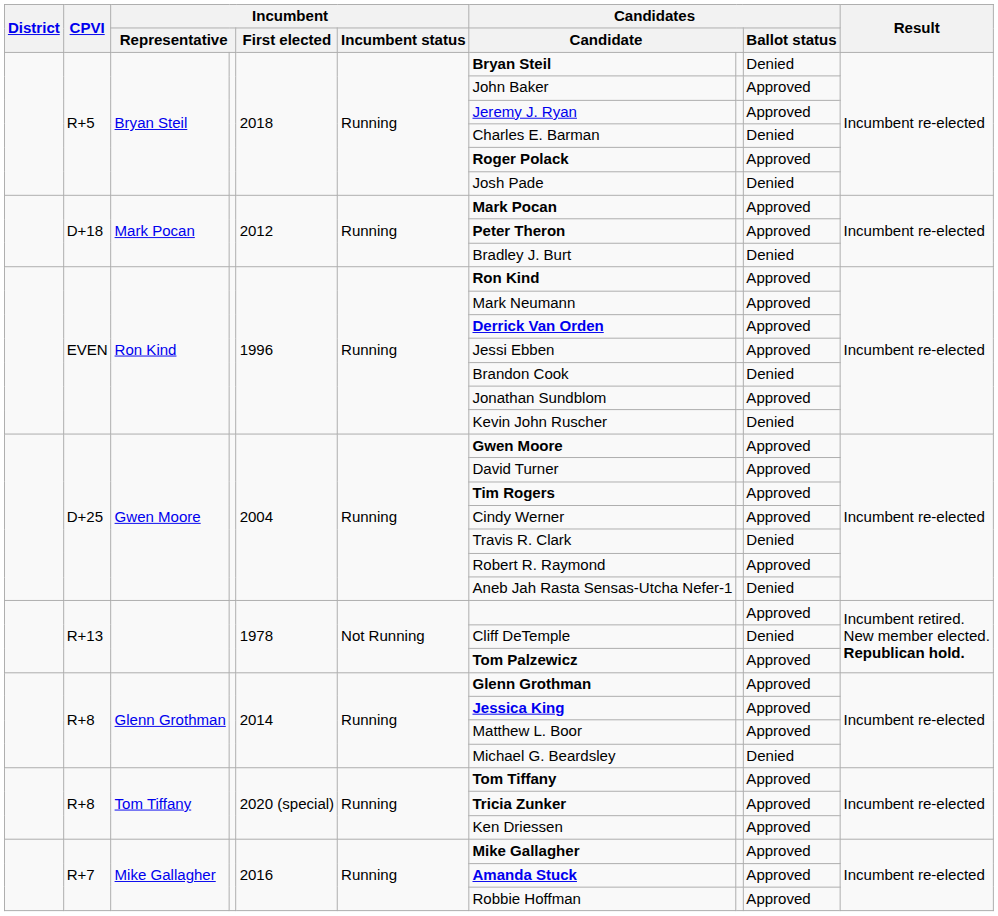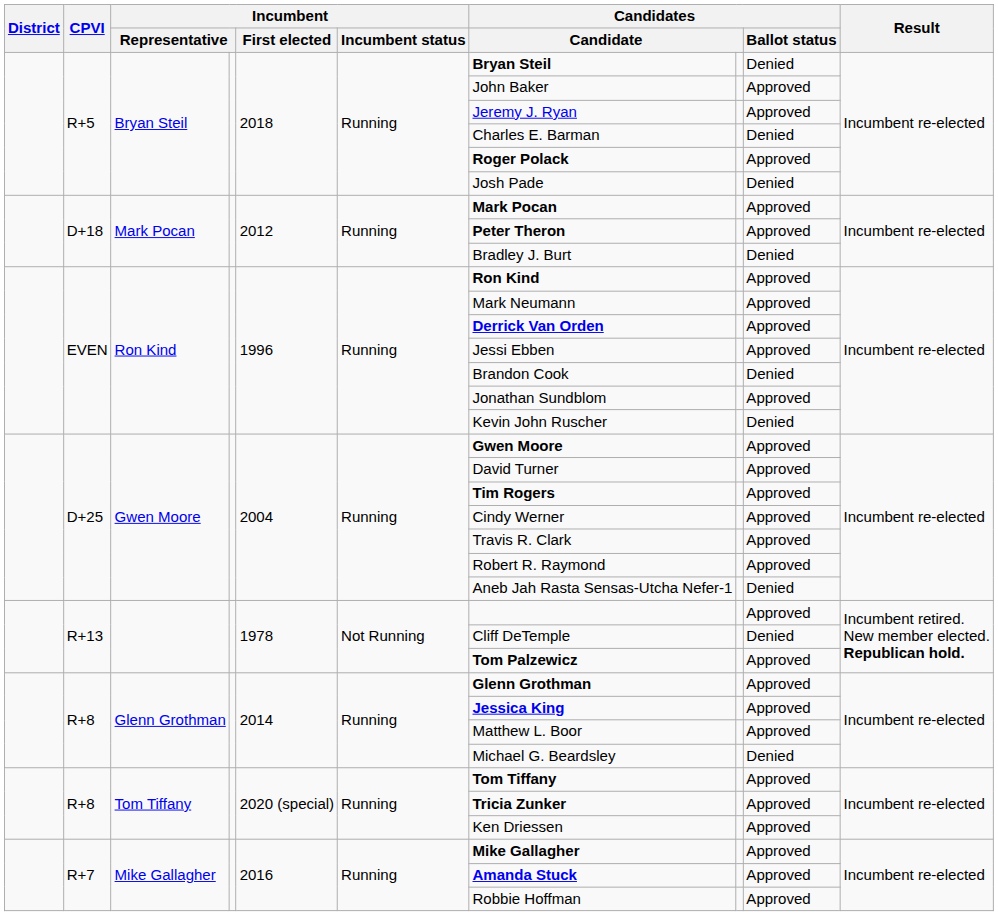 <table class="wikitable plainrowheaders sortable" style="font-size:100%; text-align:right;">
 <tr>
 <th scope=col rowspan="2"><a href='#'>District</a></th>
 <th scope=col rowspan="2"><a href='#'>CPVI</a></th>
 <th scope=col colspan="4">Incumbent</th>
 <th scope=col colspan="3">Candidates<br></th>
 <th scope=col rowspan="2">Result</th>
 </tr>
 <tr>
 <th scope=col colspan="2">Representative</th>
 <th scope=col>First elected</th>
 <th scope=col>Incumbent status</th>
 <th scope=col colspan="2">Candidate</th>
 <th scope=col>Ballot status</th>
 </tr>
 <tr>
 <td align=left rowspan="6"></td>
 <td align=left rowspan="6" >R+5</td>
 <td align=left rowspan="6"><a href='#'>Bryan Steil</a></td>
 <td rowspan="6" ></td>
 <td align=left rowspan="6">2018</td>
 <td align=left rowspan="6">Running</td>
 <td align=left> <strong>Bryan Steil</strong></td>
 <td style="background:"></td>
 <td align=left>Denied</td>
 <td align=left rowspan="6" >Incumbent re-elected</td>
 </tr>
 <tr>
 <td align=left>John Baker</td>
 <td style="background:"></td>
 <td align=left>Approved</td>
 </tr>
 <tr>
 <td align=left><a href='#'>Jeremy J. Ryan</a></td>
 <td style="background:"></td>
 <td align=left>Approved</td>
 </tr>
 <tr>
 <td align=left>Charles E. Barman</td>
 <td style="background:"></td>
 <td align=left>Denied</td>
 </tr>
 <tr>
 <td align=left> <strong>Roger Polack</strong></td>
 <td style="background:"></td>
 <td align=left>Approved</td>
 </tr>
 <tr>
 <td align=left>Josh Pade</td>
 <td style="background:"></td>
 <td align=left>Denied</td>
 </tr>
 <tr>
 <td align=left rowspan="3"></td>
 <td align=left rowspan="3" >D+18</td>
 <td align=left rowspan="3"><a href='#'>Mark Pocan</a></td>
 <td rowspan="3" ></td>
 <td align=left rowspan="3">2012</td>
 <td align=left rowspan="3">Running</td>
 <td align=left> <strong>Mark Pocan</strong></td>
 <td style="background:"></td>
 <td align=left>Approved</td>
 <td align=left rowspan="3" >Incumbent re-elected</td>
 </tr>
 <tr>
 <td align=left> <strong>Peter Theron</strong></td>
 <td style="background:"></td>
 <td align=left>Approved</td>
 </tr>
 <tr>
 <td align=left>Bradley J. Burt</td>
 <td style="background:"></td>
 <td align=left>Denied</td>
 </tr>
 <tr>
 <td align=left rowspan="7"></td>
 <td align=left rowspan="7" >EVEN</td>
 <td align=left rowspan="7"><a href='#'>Ron Kind</a></td>
 <td rowspan="7" ></td>
 <td align=left rowspan="7">1996</td>
 <td align=left rowspan="7">Running</td>
 <td align=left> <strong>Ron Kind</strong></td>
 <td style="background:"></td>
 <td align=left>Approved</td>
 <td align=left rowspan="7"  >Incumbent re-elected</td>
 </tr>
 <tr>
 <td align=left>Mark Neumann</td>
 <td style="background:"></td>
 <td align=left>Approved</td>
 </tr>
 <tr>
 <td align=left> <strong><a href='#'>Derrick Van Orden</a></strong></td>
 <td style="background:"></td>
 <td align=left>Approved</td>
 </tr>
 <tr>
 <td align=left>Jessi Ebben</td>
 <td style="background:"></td>
 <td align=left>Approved</td>
 </tr>
 <tr>
 <td align=left>Brandon Cook</td>
 <td style="background:"></td>
 <td align=left>Denied</td>
 </tr>
 <tr>
 <td align=left>Jonathan Sundblom</td>
 <td style="background:"></td>
 <td align=left>Approved</td>
 </tr>
 <tr>
 <td align=left>Kevin John Ruscher</td>
 <td style="background:"></td>
 <td align=left>Denied</td>
 </tr>
 <tr>
 <td align=left rowspan="7"></td>
 <td align=left rowspan="7" >D+25</td>
 <td align=left rowspan="7"><a href='#'>Gwen Moore</a></td>
 <td rowspan="7" ></td>
 <td align=left rowspan="7">2004</td>
 <td align=left rowspan="7">Running</td>
 <td align=left> <strong>Gwen Moore</strong></td>
 <td style="background:"></td>
 <td align=left>Approved</td>
 <td align=left rowspan="7" >Incumbent re-elected</td>
 </tr>
 <tr>
 <td align=left>David Turner</td>
 <td style="background:"></td>
 <td align=left>Approved</td>
 </tr>
 <tr>
 <td align=left> <strong>Tim Rogers</strong></td>
 <td style="background:"></td>
 <td align=left>Approved</td>
 </tr>
 <tr>
 <td align=left>Cindy Werner</td>
 <td style="background:"></td>
 <td align=left>Approved</td>
 </tr>
 <tr>
 <td align=left>Travis R. Clark</td>
 <td style="background:"></td>
-<td align=left>Denied</td>
+<td align=left>Approved</td>
 </tr>
 <tr>
 <td align=left>Robert R. Raymond</td>
 <td style="background:"></td>
 <td align=left>Approved</td>
 </tr>
 <tr>
 <td align=left>Aneb Jah Rasta Sensas-Utcha Nefer-1</td>
 <td style="background:"></td>
 <td align=left>Denied</td>
 </tr>
 <tr>
 <td align=left rowspan="3"></td>
 <td align=left rowspan="3" >R+13</td>
 <td align=left rowspan="3"></td>
 <td rowspan="3" ></td>
 <td align=left rowspan="3">1978</td>
 <td align=left rowspan="3">Not Running</td>
 <td align=left> </td>
 <td style="background:"></td>
 <td align=left>Approved</td>
 <td align=left rowspan="3" >Incumbent retired.<br>New member elected.<br><strong>Republican hold.</strong></td>
 </tr>
 <tr>
 <td align=left>Cliff DeTemple</td>
 <td style="background:"></td>
 <td align=left>Denied</td>
 </tr>
 <tr>
 <td align=left> <strong>Tom Palzewicz</strong></td>
 <td style="background:"></td>
 <td align=left>Approved</td>
 </tr>
 <tr>
 <td align=left rowspan="4"></td>
 <td align=left rowspan="4" >R+8</td>
 <td align=left rowspan="4"><a href='#'>Glenn Grothman</a></td>
 <td rowspan="4" ></td>
 <td align=left rowspan="4">2014</td>
 <td align=left rowspan="4">Running</td>
 <td align=left> <strong>Glenn Grothman</strong></td>
 <td style="background:"></td>
 <td align=left>Approved</td>
 <td align=left rowspan="4" >Incumbent re-elected</td>
 </tr>
 <tr>
 <td align=left> <strong><a href='#'>Jessica King</a></strong></td>
 <td style="background:"></td>
 <td align=left>Approved</td>
 </tr>
 <tr>
 <td align=left>Matthew L. Boor</td>
 <td style="background:"></td>
 <td align=left>Approved</td>
 </tr>
 <tr>
 <td align=left>Michael G. Beardsley</td>
 <td style="background:"></td>
 <td align=left>Denied</td>
 </tr>
 <tr>
 <td align=left rowspan="3"></td>
 <td align=left rowspan="3" >R+8</td>
 <td align=left rowspan="3"><a href='#'>Tom Tiffany</a></td>
 <td rowspan="3" ></td>
 <td align=left rowspan="3">2020 (special)</td>
 <td align=left rowspan="3">Running</td>
 <td align=left> <strong>Tom Tiffany</strong></td>
 <td style="background:"></td>
 <td align=left>Approved</td>
 <td align=left rowspan="3" >Incumbent re-elected</td>
 </tr>
 <tr>
 <td align=left> <strong>Tricia Zunker</strong></td>
 <td style="background:"></td>
 <td align=left>Approved</td>
 </tr>
 <tr>
 <td align=left>Ken Driessen</td>
 <td style="background:"></td>
 <td align=left>Approved</td>
 </tr>
 <tr>
 <td align=left rowspan="3"></td>
 <td align=left rowspan="3" >R+7</td>
 <td align=left rowspan="3"><a href='#'>Mike Gallagher</a></td>
 <td rowspan="3" ></td>
 <td align=left rowspan="3">2016</td>
 <td align=left rowspan="3">Running</td>
 <td align=left> <strong>Mike Gallagher</strong></td>
 <td style="background:"></td>
 <td align=left>Approved</td>
 <td align=left rowspan="3" >Incumbent re-elected</td>
 </tr>
 <tr>
 <td align=left> <strong><a href='#'>Amanda Stuck</a></strong></td>
 <td style="background:"></td>
 <td align=left>Approved</td>
 </tr>
 <tr>
 <td align=left>Robbie Hoffman</td>
 <td style="background:"></td>
 <td align=left>Approved</td>
 </tr>
 </table>
